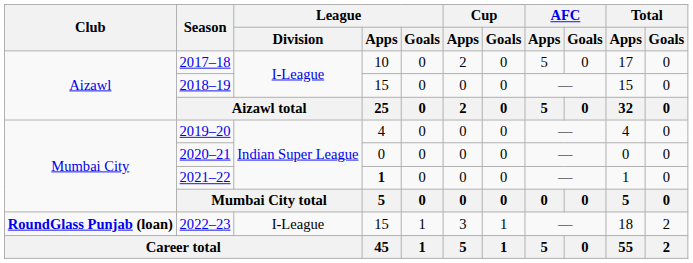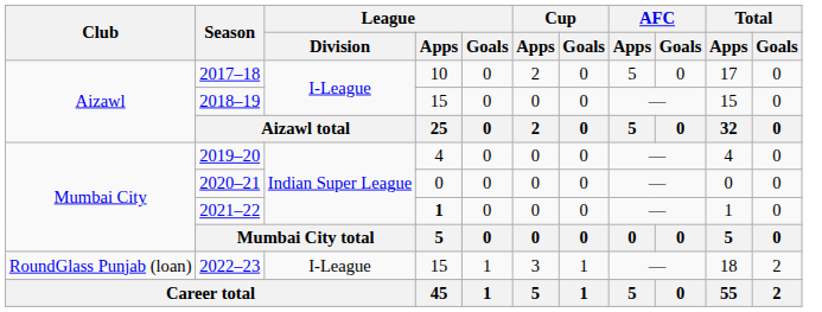 <table class="wikitable" style="text-align: center;">
 <tr>
 <th rowspan="2">Club</th>
 <th rowspan="2">Season</th>
 <th colspan="3">League</th>
 <th colspan="2">Cup</th>
 <th colspan="2"><a href='#'>AFC</a></th>
 <th colspan="2">Total</th>
 </tr>
 <tr>
 <th>Division</th>
 <th>Apps</th>
 <th>Goals</th>
 <th>Apps</th>
 <th>Goals</th>
 <th>Apps</th>
 <th>Goals</th>
 <th>Apps</th>
 <th>Goals</th>
 </tr>
 <tr>
 <td rowspan="3"><a href='#'>Aizawl</a></td>
 <td><a href='#'>2017–18</a></td>
 <td rowspan="2"><a href='#'>I-League</a></td>
 <td>10</td>
 <td>0</td>
 <td>2</td>
 <td>0</td>
 <td>5</td>
 <td>0</td>
 <td>17</td>
 <td>0</td>
 </tr>
 <tr>
 <td><a href='#'>2018–19</a></td>
 <td>15</td>
 <td>0</td>
 <td>0</td>
 <td>0</td>
 <td colspan="2">—</td>
 <td>15</td>
 <td>0</td>
 </tr>
 <tr>
 <th colspan="2">Aizawl total</th>
 <th>25</th>
 <th>0</th>
 <th>2</th>
 <th>0</th>
 <th>5</th>
 <th>0</th>
 <th>32</th>
 <th>0</th>
 </tr>
 <tr>
 <td rowspan="4"><a href='#'>Mumbai City</a></td>
 <td><a href='#'>2019–20</a></td>
 <td rowspan="3"><a href='#'>Indian Super League</a></td>
 <td>4</td>
 <td>0</td>
 <td>0</td>
 <td>0</td>
 <td colspan="2">—</td>
 <td>4</td>
 <td>0</td>
 </tr>
 <tr>
 <td><a href='#'>2020–21</a></td>
 <td>0</td>
 <td>0</td>
 <td>0</td>
 <td>0</td>
 <td colspan="2">—</td>
 <td>0</td>
 <td>0</td>
 </tr>
 <tr>
 <td><a href='#'>2021–22</a></td>
 <td><strong>1</strong></td>
 <td>0</td>
 <td>0</td>
 <td>0</td>
 <td colspan="2">—</td>
 <td>1</td>
 <td>0</td>
 </tr>
 <tr>
 <th colspan="2">Mumbai City total</th>
 <th>5</th>
 <th>0</th>
 <th>0</th>
 <th>0</th>
 <th>0</th>
 <th>0</th>
 <th>5</th>
 <th>0</th>
 </tr>
 <tr>
-<td rowspan="1"><strong><a href='#'>RoundGlass Punjab</a> (loan)</strong></td>
+<td rowspan="1"><a href='#'>RoundGlass Punjab</a> (loan)</td>
 <td><a href='#'>2022–23</a></td>
 <td rowspan="1">I-League</td>
 <td>15</td>
 <td>1</td>
 <td>3</td>
 <td>1</td>
 <td colspan="2">—</td>
 <td>18</td>
 <td>2</td>
 </tr>
 <tr>
 <th colspan="3">Career total</th>
 <th>45</th>
 <th>1</th>
 <th>5</th>
 <th>1</th>
 <th>5</th>
 <th>0</th>
 <th>55</th>
 <th>2</th>
 </tr>
 </table>
